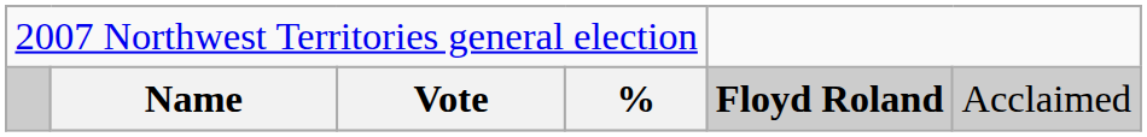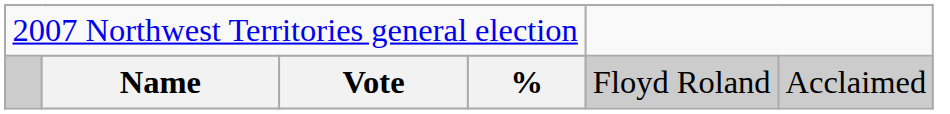 <table class="wikitable">
 <tr>
 <td colspan=4 align=center><a href='#'>2007 Northwest Territories general election</a></td>
 </tr>
 <tr bgcolor="CCCCCC">
 <td></td>
 <th>Name</th>
 <th>Vote</th>
 <th>%<br></th>
-<td><strong>Floyd Roland</strong></td>
+<td>Floyd Roland</td>
 <td colspan="2" align=center>Acclaimed</td>
 </tr>
 </table>
